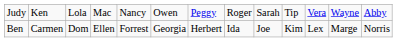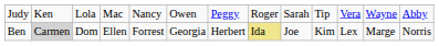 <table class="wikitable">
 <tr>
 <td>Judy</td>
 <td>Ken</td>
 <td>Lola</td>
 <td>Mac</td>
 <td>Nancy</td>
 <td>Owen</td>
 <td><a href='#'>Peggy</a></td>
 <td>Roger</td>
 <td>Sarah</td>
 <td>Tip</td>
 <td><a href='#'>Vera</a></td>
 <td><a href='#'>Wayne</a></td>
 <td><a href='#'>Abby</a></td>
 </tr>
 <tr>
 <td>Ben</td>
-<td>Carmen</td>
+<td style="background: lightgrey;">Carmen</td>
 <td>Dom</td>
 <td>Ellen</td>
 <td>Forrest</td>
 <td>Georgia</td>
 <td>Herbert</td>
-<td>Ida</td>
+<td style="background: khaki;">Ida</td>
 <td>Joe</td>
 <td>Kim</td>
 <td>Lex</td>
 <td>Marge</td>
 <td>Norris</td>
 </tr>
 </table>
